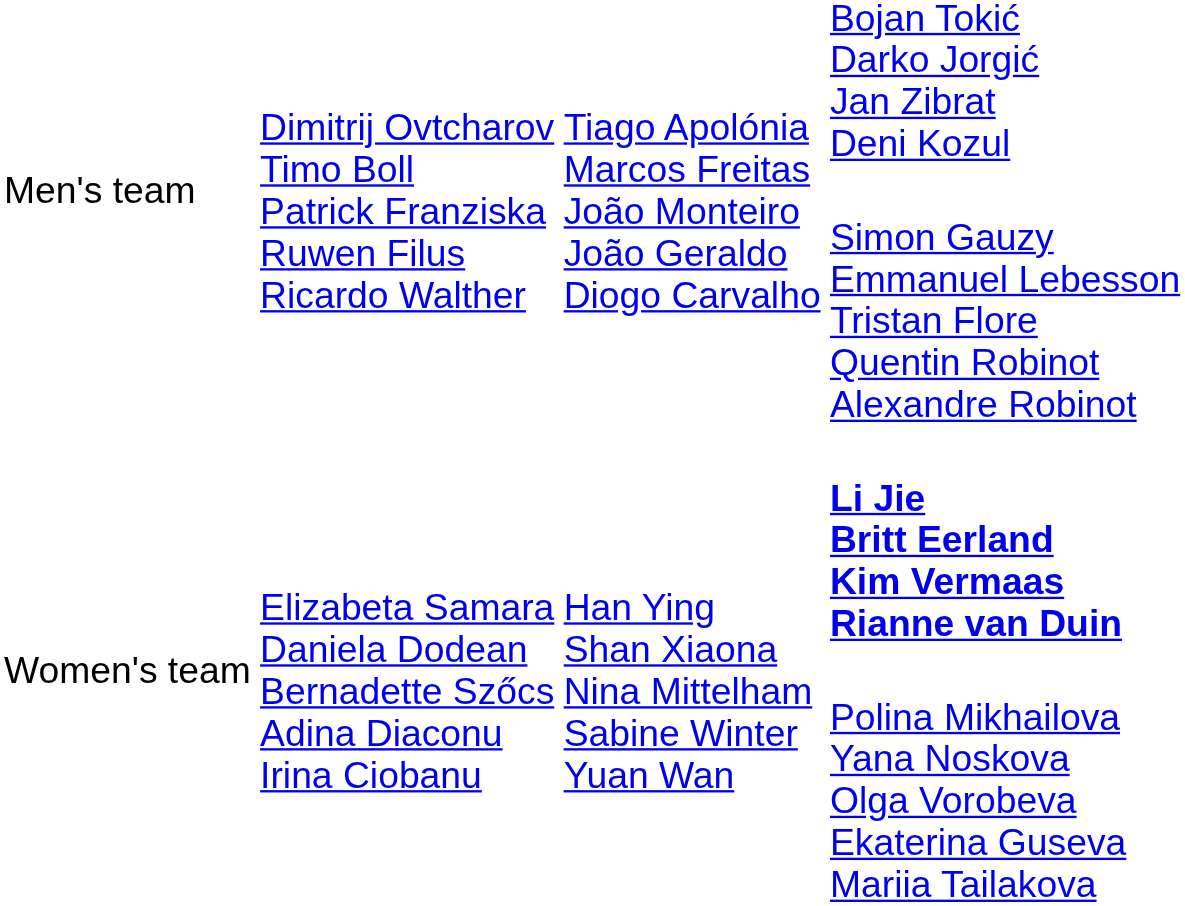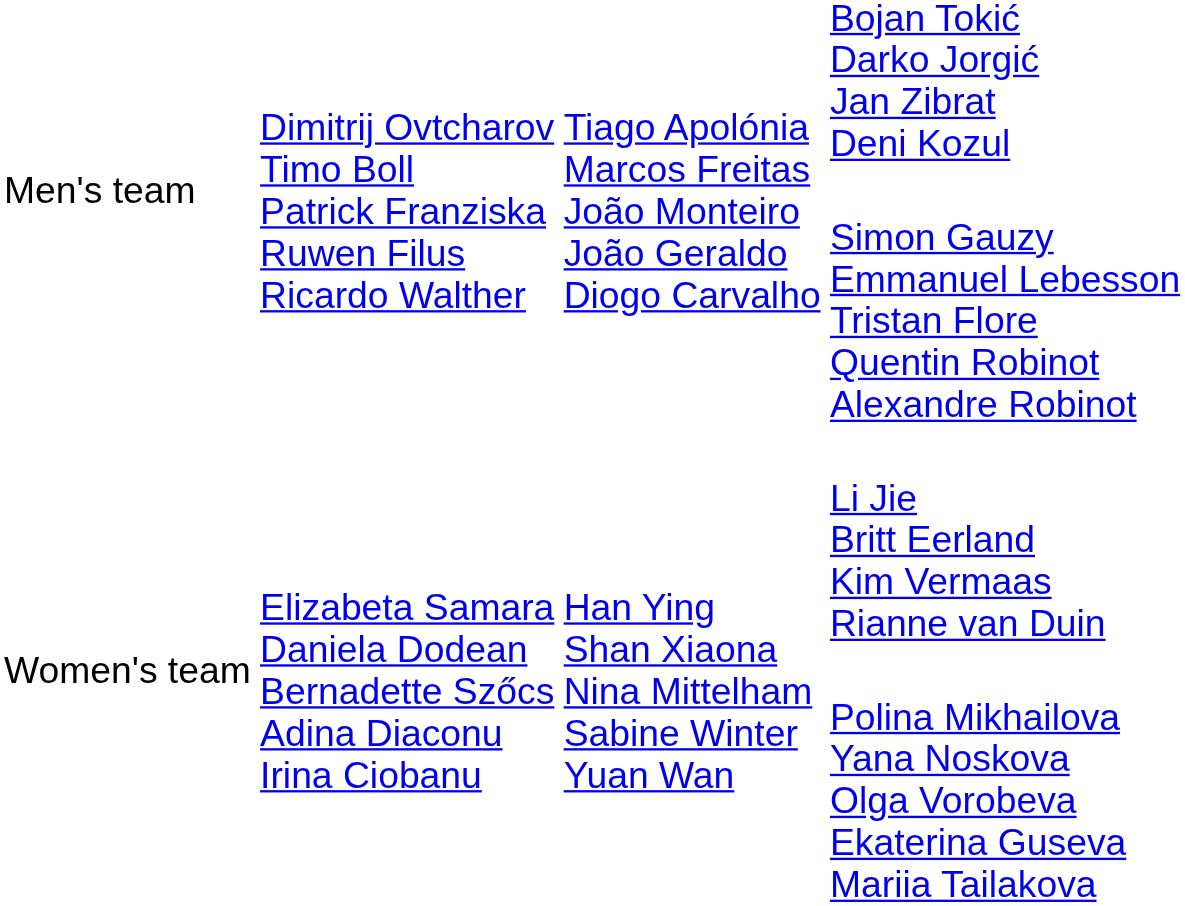 <table>
 <tr>
 <td rowspan=2>Men's team <br></td>
 <td rowspan=2><br><a href='#'>Dimitrij Ovtcharov</a><br><a href='#'>Timo Boll</a><br><a href='#'>Patrick Franziska</a><br><a href='#'>Ruwen Filus</a><br><a href='#'>Ricardo Walther</a></td>
 <td rowspan=2><br><a href='#'>Tiago Apolónia</a><br><a href='#'>Marcos Freitas</a><br><a href='#'>João Monteiro</a><br><a href='#'>João Geraldo</a><br><a href='#'>Diogo Carvalho</a></td>
 <td><br><a href='#'>Bojan Tokić</a><br><a href='#'>Darko Jorgić</a><br><a href='#'>Jan Zibrat</a><br><a href='#'>Deni Kozul</a></td>
 </tr>
 <tr>
 <td><br><a href='#'>Simon Gauzy</a><br><a href='#'>Emmanuel Lebesson</a><br><a href='#'>Tristan Flore</a><br><a href='#'>Quentin Robinot</a><br><a href='#'>Alexandre Robinot</a></td>
 </tr>
 <tr>
 <td rowspan=2>Women's team <br></td>
 <td rowspan=2><br><a href='#'>Elizabeta Samara</a><br><a href='#'>Daniela Dodean</a><br><a href='#'>Bernadette Szőcs</a><br><a href='#'>Adina Diaconu</a><br><a href='#'>Irina Ciobanu</a></td>
 <td rowspan=2><br><a href='#'>Han Ying</a><br><a href='#'>Shan Xiaona</a><br><a href='#'>Nina Mittelham</a><br><a href='#'>Sabine Winter</a><br><a href='#'>Yuan Wan</a></td>
-<td><strong><br><a href='#'>Li Jie</a><br><a href='#'>Britt Eerland</a><br><a href='#'>Kim Vermaas</a><br><a href='#'>Rianne van Duin</a></strong></td>
+<td><br><a href='#'>Li Jie</a><br><a href='#'>Britt Eerland</a><br><a href='#'>Kim Vermaas</a><br><a href='#'>Rianne van Duin</a></td>
 </tr>
 <tr>
 <td><br><a href='#'>Polina Mikhailova</a><br><a href='#'>Yana Noskova</a><br><a href='#'>Olga Vorobeva</a><br><a href='#'>Ekaterina Guseva</a><br><a href='#'>Mariia Tailakova</a></td>
 </tr>
 </table>
